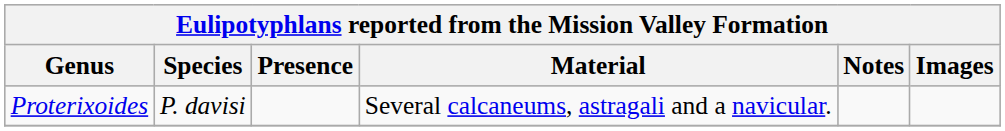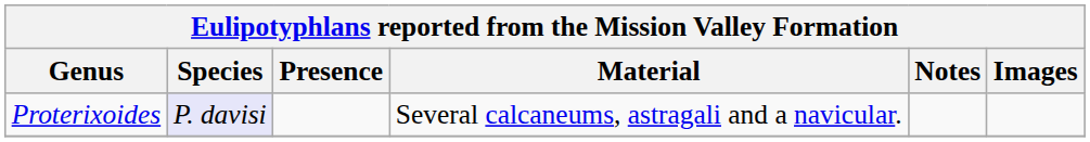 <table class="wikitable" align="center">
 <tr>
 <th colspan="6" align="center"><strong><a href='#'>Eulipotyphlans</a> reported from the Mission Valley Formation</strong></th>
 </tr>
 <tr>
 <th>Genus</th>
 <th>Species</th>
 <th>Presence</th>
 <th><strong>Material</strong></th>
 <th>Notes</th>
 <th>Images</th>
 </tr>
 <tr>
 <td><em><a href='#'>Proterixoides</a></em></td>
-<td><em>P. davisi</em></td>
+<td style="background: lavender;"><em>P. davisi</em></td>
 <td></td>
 <td>Several <a href='#'>calcaneums</a>, <a href='#'>astragali</a> and a <a href='#'>navicular</a>.</td>
 <td></td>
 <td></td>
 </tr>
 <tr>
 </tr>
 </table>
